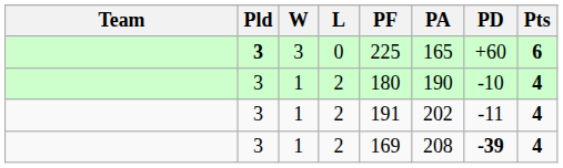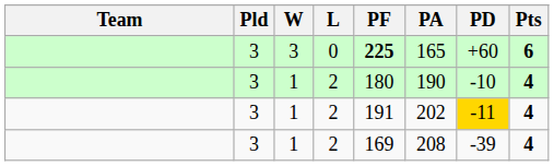 <table class=wikitable>
 <tr align=center>
 </tr>
 <tr>
 <th width=180>Team</th>
 <th width=25>Pld</th>
 <th width=25>W</th>
 <th width=25>L</th>
 <th width=35>PF</th>
 <th width=35>PA</th>
 <th width=35>PD</th>
 <th width=25>Pts</th>
 </tr>
 <tr align=center bgcolor="#ccffcc">
 <td align=left></td>
-<td><strong>3</strong></td>
+<td>3</td>
 <td>3</td>
 <td>0</td>
-<td>225</td>
+<td><strong>225</strong></td>
 <td>165</td>
 <td>+60</td>
 <td><strong>6</strong></td>
 </tr>
 <tr align=center bgcolor="#ccffcc">
 <td align=left></td>
 <td>3</td>
 <td>1</td>
 <td>2</td>
 <td>180</td>
 <td>190</td>
 <td>-10</td>
 <td><strong>4</strong></td>
 </tr>
 <tr align=center>
 <td align=left></td>
 <td>3</td>
 <td>1</td>
 <td>2</td>
 <td>191</td>
 <td>202</td>
-<td>-11</td>
+<td style="background: gold;">-11</td>
 <td><strong>4</strong></td>
 </tr>
 <tr align=center>
 <td align=left></td>
 <td>3</td>
 <td>1</td>
 <td>2</td>
 <td>169</td>
 <td>208</td>
-<td><strong>-39</strong></td>
+<td>-39</td>
 <td><strong>4</strong></td>
 </tr>
 </table>
